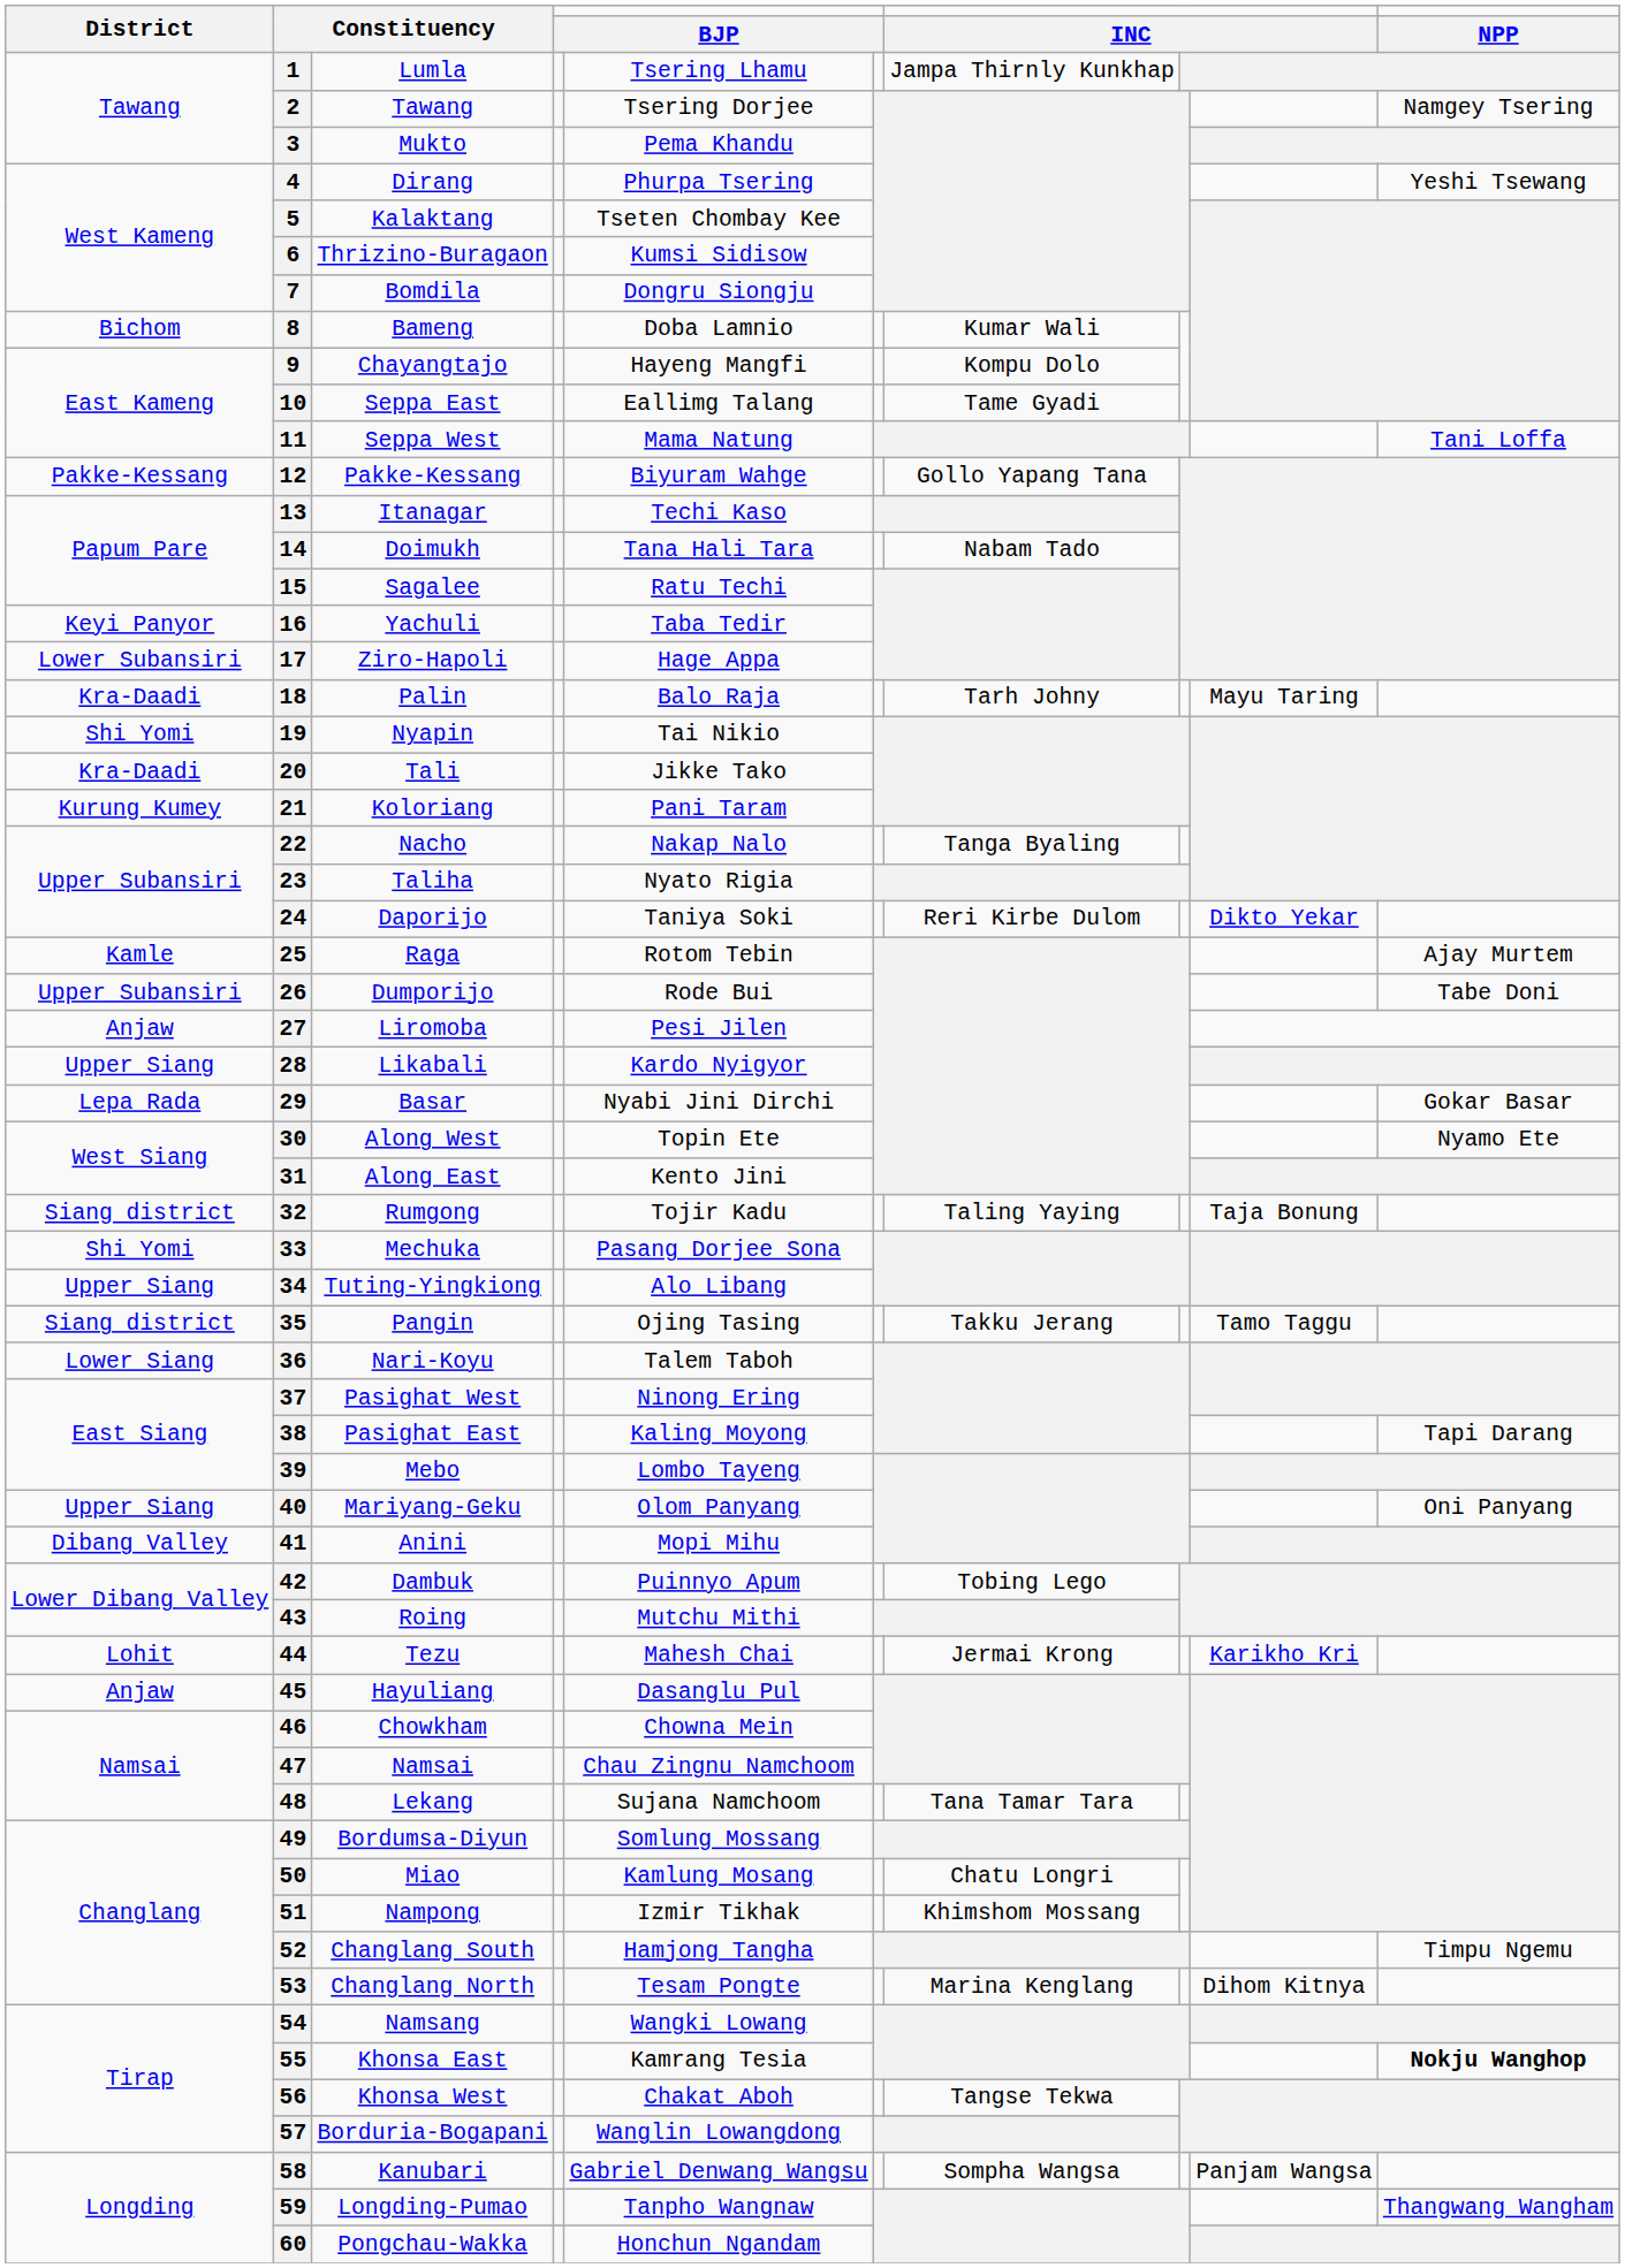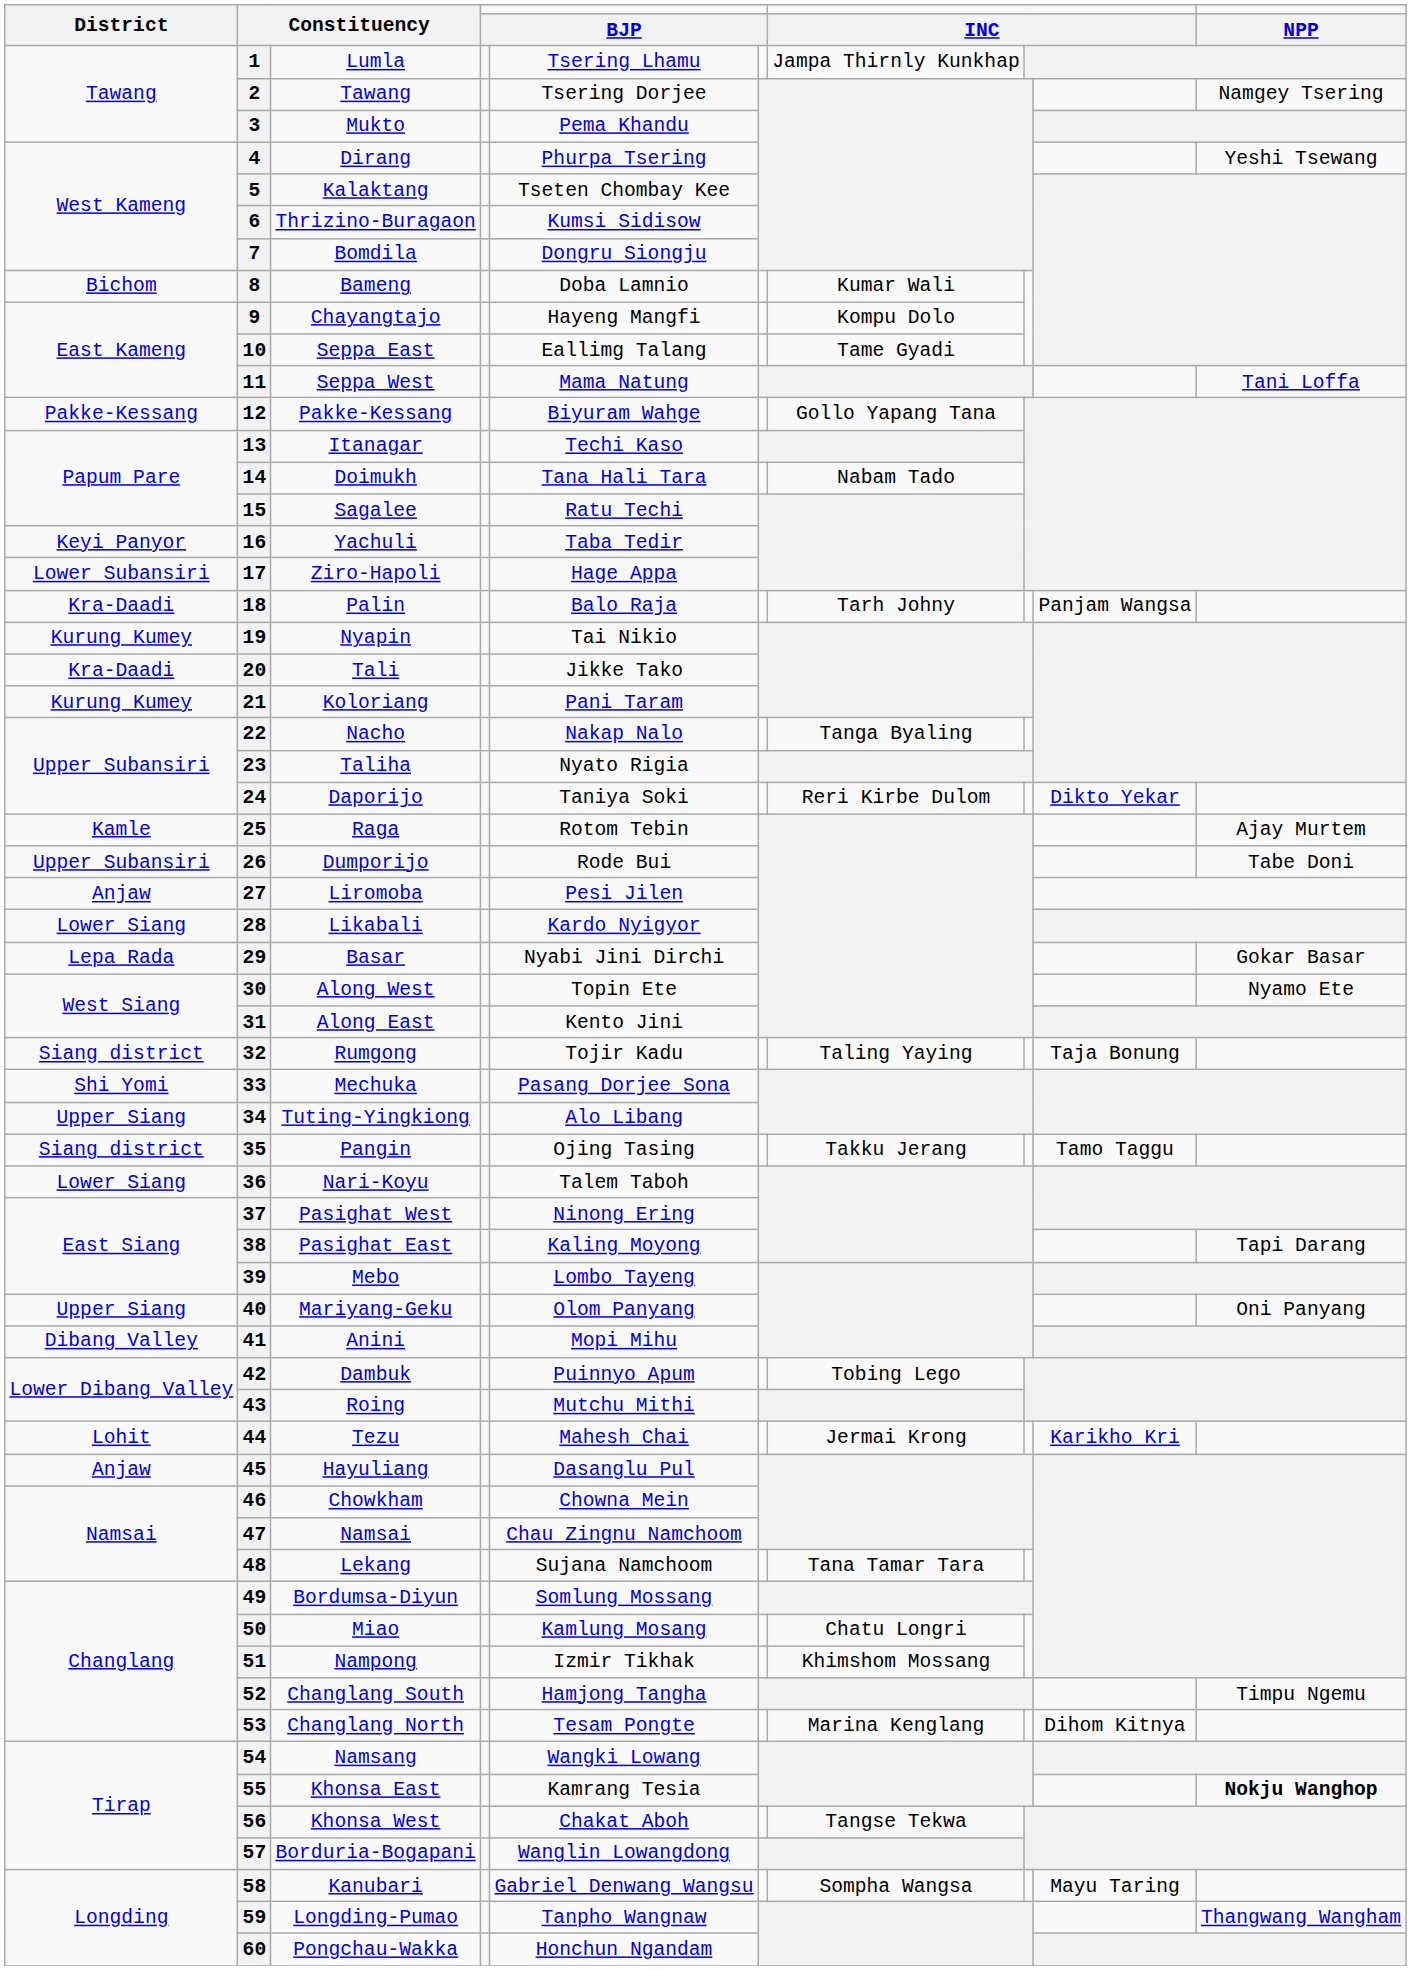 <table class="wikitable" style="text-align:center;">
 <tr>
 <th rowspan="2">District</th>
 <th colspan="2" rowspan="2">Constituency</th>
 <td colspan="3"></td>
 <td colspan="3" bgcolor=></td>
 <td colspan="3" bgcolor=></td>
 </tr>
 <tr>
 <th colspan="3"><a href='#'>BJP</a></th>
 <th colspan="3"><a href='#'>INC</a></th>
 <th colspan="3"><a href='#'>NPP</a></th>
 </tr>
 <tr>
 <td rowspan="3"><a href='#'>Tawang</a></td>
 <th>1</th>
 <td><a href='#'>Lumla</a></td>
 <td></td>
 <td><a href='#'>Tsering Lhamu</a></td>
 <td></td>
 <td>Jampa Thirnly Kunkhap</td>
 <th colspan="3"></th>
 </tr>
 <tr>
 <th>2</th>
 <td><a href='#'>Tawang</a></td>
 <td></td>
 <td>Tsering Dorjee</td>
 <th colspan="3" Rowspan=6></th>
 <td></td>
 <td>Namgey Tsering</td>
 </tr>
 <tr>
 <th>3</th>
 <td><a href='#'>Mukto</a></td>
 <td></td>
 <td><a href='#'>Pema Khandu</a></td>
 <th colspan="3"></th>
 </tr>
 <tr>
 <td rowspan="4"><a href='#'>West Kameng</a></td>
 <th>4</th>
 <td><a href='#'>Dirang</a></td>
 <td></td>
 <td><a href='#'>Phurpa Tsering</a></td>
 <td></td>
 <td>Yeshi Tsewang</td>
 </tr>
 <tr>
 <th>5</th>
 <td><a href='#'>Kalaktang</a></td>
 <td></td>
 <td>Tseten Chombay Kee</td>
 <th colspan="3" Rowspan=6></th>
 </tr>
 <tr>
 <th>6</th>
 <td><a href='#'>Thrizino-Buragaon</a></td>
 <td></td>
 <td><a href='#'>Kumsi Sidisow</a></td>
 </tr>
 <tr>
 <th>7</th>
 <td><a href='#'>Bomdila</a></td>
 <td></td>
 <td><a href='#'>Dongru Siongju</a></td>
 </tr>
 <tr>
 <td><a href='#'>Bichom</a></td>
 <th>8</th>
 <td><a href='#'>Bameng</a></td>
 <td></td>
 <td>Doba Lamnio</td>
 <td></td>
 <td>Kumar Wali</td>
 </tr>
 <tr>
 <td rowspan="3"><a href='#'>East Kameng</a></td>
 <th>9</th>
 <td><a href='#'>Chayangtajo</a></td>
 <td></td>
 <td>Hayeng Mangfi</td>
 <td></td>
 <td>Kompu Dolo</td>
 </tr>
 <tr>
 <th>10</th>
 <td><a href='#'>Seppa East</a></td>
 <td></td>
 <td>Eallimg Talang</td>
 <td></td>
 <td>Tame Gyadi</td>
 </tr>
 <tr>
 <th>11</th>
 <td><a href='#'>Seppa West</a></td>
 <td></td>
 <td><a href='#'>Mama Natung</a></td>
 <th colspan="3"></th>
 <td></td>
 <td><a href='#'>Tani Loffa</a></td>
 </tr>
 <tr>
 <td><a href='#'>Pakke-Kessang</a></td>
 <th>12</th>
 <td><a href='#'>Pakke-Kessang</a></td>
 <td></td>
 <td><a href='#'>Biyuram Wahge</a></td>
 <td></td>
 <td>Gollo Yapang Tana</td>
 <th colspan="3" rowspan="6"></th>
 </tr>
 <tr>
 <td rowspan="3"><a href='#'>Papum Pare</a></td>
 <th>13</th>
 <td><a href='#'>Itanagar</a></td>
 <td></td>
 <td><a href='#'>Techi Kaso</a></td>
 <th colspan="3"></th>
 </tr>
 <tr>
 <th>14</th>
 <td><a href='#'>Doimukh</a></td>
 <td></td>
 <td><a href='#'>Tana Hali Tara</a></td>
 <td></td>
 <td>Nabam Tado</td>
 </tr>
 <tr>
 <th>15</th>
 <td><a href='#'>Sagalee</a></td>
 <td></td>
 <td><a href='#'>Ratu Techi</a></td>
 <th colspan="3" rowspan="3"></th>
 </tr>
 <tr>
 <td><a href='#'>Keyi Panyor</a></td>
 <th>16</th>
 <td><a href='#'>Yachuli</a></td>
 <td></td>
 <td><a href='#'>Taba Tedir</a></td>
 </tr>
 <tr>
 <td><a href='#'>Lower Subansiri</a></td>
 <th>17</th>
 <td><a href='#'>Ziro-Hapoli</a></td>
 <td></td>
 <td><a href='#'>Hage Appa</a></td>
 </tr>
 <tr>
 <td><a href='#'>Kra-Daadi</a></td>
 <th>18</th>
 <td><a href='#'>Palin</a></td>
 <td></td>
 <td><a href='#'>Balo Raja</a></td>
 <td></td>
 <td>Tarh Johny</td>
 <td></td>
-<td>Mayu Taring</td>
+<td>Panjam Wangsa</td>
 </tr>
 <tr>
-<td><a href='#'>Shi Yomi</a></td>
+<td><a href='#'>Kurung Kumey</a></td>
 <th>19</th>
 <td><a href='#'>Nyapin</a></td>
 <td></td>
 <td>Tai Nikio</td>
 <th colspan="3" Rowspan=3></th>
 <th colspan="3" Rowspan=5></th>
 </tr>
 <tr>
 <td><a href='#'>Kra-Daadi</a></td>
 <th>20</th>
 <td><a href='#'>Tali</a></td>
 <td></td>
 <td>Jikke Tako</td>
 </tr>
 <tr>
 <td><a href='#'>Kurung Kumey</a></td>
 <th>21</th>
 <td><a href='#'>Koloriang</a></td>
 <td></td>
 <td><a href='#'>Pani Taram</a></td>
 </tr>
 <tr>
 <td rowspan="3"><a href='#'>Upper Subansiri</a></td>
 <th>22</th>
 <td><a href='#'>Nacho</a></td>
 <td></td>
 <td><a href='#'>Nakap Nalo</a></td>
 <td></td>
 <td>Tanga Byaling</td>
 </tr>
 <tr>
 <th>23</th>
 <td><a href='#'>Taliha</a></td>
 <td></td>
 <td>Nyato Rigia</td>
 <th colspan="3"></th>
 </tr>
 <tr>
 <th>24</th>
 <td><a href='#'>Daporijo</a></td>
 <td></td>
 <td>Taniya Soki</td>
 <td></td>
 <td>Reri Kirbe Dulom</td>
 <td></td>
 <td><a href='#'>Dikto Yekar</a></td>
 </tr>
 <tr>
 <td><a href='#'>Kamle</a></td>
 <th>25</th>
 <td><a href='#'>Raga</a></td>
 <td></td>
 <td>Rotom Tebin</td>
 <th colspan="3" rowspan="7"></th>
 <td></td>
 <td>Ajay Murtem</td>
 </tr>
 <tr>
 <td><a href='#'>Upper Subansiri</a></td>
 <th>26</th>
 <td><a href='#'>Dumporijo</a></td>
 <td></td>
 <td>Rode Bui</td>
 <td></td>
 <td>Tabe Doni</td>
 </tr>
 <tr>
 <td><a href='#'>Anjaw</a></td>
 <th>27</th>
 <td><a href='#'>Liromoba</a></td>
 <td></td>
 <td><a href='#'>Pesi Jilen</a></td>
 </tr>
 <tr>
-<td><a href='#'>Upper Siang</a></td>
+<td><a href='#'>Lower Siang</a></td>
 <th>28</th>
 <td><a href='#'>Likabali</a></td>
 <td></td>
 <td><a href='#'>Kardo Nyigyor</a></td>
 <th colspan="3"></th>
 </tr>
 <tr>
 <td><a href='#'>Lepa Rada</a></td>
 <th>29</th>
 <td><a href='#'>Basar</a></td>
 <td></td>
 <td>Nyabi Jini Dirchi</td>
 <td></td>
 <td>Gokar Basar</td>
 </tr>
 <tr>
 <td rowspan="2"><a href='#'>West Siang</a></td>
 <th>30</th>
 <td><a href='#'>Along West</a></td>
 <td></td>
 <td>Topin Ete</td>
 <td></td>
 <td>Nyamo Ete</td>
 </tr>
 <tr>
 <th>31</th>
 <td><a href='#'>Along East</a></td>
 <td></td>
 <td>Kento Jini</td>
 <th colspan="3"></th>
 </tr>
 <tr>
 <td><a href='#'>Siang district</a></td>
 <th>32</th>
 <td><a href='#'>Rumgong</a></td>
 <td></td>
 <td>Tojir Kadu</td>
 <td></td>
 <td>Taling Yaying</td>
 <td></td>
 <td>Taja Bonung</td>
 </tr>
 <tr>
 <td><a href='#'>Shi Yomi</a></td>
 <th>33</th>
 <td><a href='#'>Mechuka</a></td>
 <td></td>
 <td><a href='#'>Pasang Dorjee Sona</a></td>
 <th colspan="3" rowspan="2"></th>
 <th colspan="3" rowspan="2"></th>
 </tr>
 <tr>
 <td><a href='#'>Upper Siang</a></td>
 <th>34</th>
 <td><a href='#'>Tuting-Yingkiong</a></td>
 <td></td>
 <td><a href='#'>Alo Libang</a></td>
 </tr>
 <tr>
 <td><a href='#'>Siang district</a></td>
 <th>35</th>
 <td><a href='#'>Pangin</a></td>
 <td></td>
 <td>Ojing Tasing</td>
 <td></td>
 <td>Takku Jerang</td>
 <td></td>
 <td>Tamo Taggu</td>
 </tr>
 <tr>
 <td><a href='#'>Lower Siang</a></td>
 <th>36</th>
 <td><a href='#'>Nari-Koyu</a></td>
 <td></td>
 <td>Talem Taboh</td>
 <th colspan="3" rowspan="3"></th>
 <th colspan="3" rowspan="2"></th>
 </tr>
 <tr>
 <td rowspan="3"><a href='#'>East Siang</a></td>
 <th>37</th>
 <td><a href='#'>Pasighat West</a></td>
 <td></td>
 <td><a href='#'>Ninong Ering</a></td>
 </tr>
 <tr>
 <th>38</th>
 <td><a href='#'>Pasighat East</a></td>
 <td></td>
 <td><a href='#'>Kaling Moyong</a></td>
 <td></td>
 <td>Tapi Darang</td>
 </tr>
 <tr>
 <th>39</th>
 <td><a href='#'>Mebo</a></td>
 <td></td>
 <td><a href='#'>Lombo Tayeng</a></td>
 <th colspan="3" rowspan="3"></th>
 <th colspan="3"></th>
 </tr>
 <tr>
 <td><a href='#'>Upper Siang</a></td>
 <th>40</th>
 <td><a href='#'>Mariyang-Geku</a></td>
 <td></td>
 <td><a href='#'>Olom Panyang</a></td>
 <td></td>
 <td>Oni Panyang</td>
 </tr>
 <tr>
 <td><a href='#'>Dibang Valley</a></td>
 <th>41</th>
 <td><a href='#'>Anini</a></td>
 <td></td>
 <td><a href='#'>Mopi Mihu</a></td>
 <th colspan="3"></th>
 </tr>
 <tr>
 <td rowspan="2"><a href='#'>Lower Dibang Valley</a></td>
 <th>42</th>
 <td><a href='#'>Dambuk</a></td>
 <td></td>
 <td><a href='#'>Puinnyo Apum</a></td>
 <td></td>
 <td>Tobing Lego</td>
 <th colspan="3" rowspan="2"></th>
 </tr>
 <tr>
 <th>43</th>
 <td><a href='#'>Roing</a></td>
 <td></td>
 <td><a href='#'>Mutchu Mithi</a></td>
 <th colspan="3"></th>
 </tr>
 <tr>
 <td><a href='#'>Lohit</a></td>
 <th>44</th>
 <td><a href='#'>Tezu</a></td>
 <td></td>
 <td><a href='#'>Mahesh Chai</a></td>
 <td></td>
 <td>Jermai Krong</td>
 <td></td>
 <td><a href='#'>Karikho Kri</a></td>
 </tr>
 <tr>
 <td><a href='#'>Anjaw</a></td>
 <th>45</th>
 <td><a href='#'>Hayuliang</a></td>
 <td></td>
 <td><a href='#'>Dasanglu Pul</a></td>
 <th colspan="3" rowspan="3"></th>
 <th colspan="3" rowspan="7"></th>
 </tr>
 <tr>
 <td rowspan="3"><a href='#'>Namsai</a></td>
 <th>46</th>
 <td><a href='#'>Chowkham</a></td>
 <td></td>
 <td><a href='#'>Chowna Mein</a></td>
 </tr>
 <tr>
 <th>47</th>
 <td><a href='#'>Namsai</a></td>
 <td></td>
 <td><a href='#'>Chau Zingnu Namchoom</a></td>
 </tr>
 <tr>
 <th>48</th>
 <td><a href='#'>Lekang</a></td>
 <td></td>
 <td>Sujana Namchoom</td>
 <td></td>
 <td>Tana Tamar Tara</td>
 </tr>
 <tr>
 <td rowspan="5"><a href='#'>Changlang</a></td>
 <th>49</th>
 <td><a href='#'>Bordumsa-Diyun</a></td>
 <td></td>
 <td><a href='#'>Somlung Mossang</a></td>
 <th colspan="3"></th>
 </tr>
 <tr>
 <th>50</th>
 <td><a href='#'>Miao</a></td>
 <td></td>
 <td><a href='#'>Kamlung Mosang</a></td>
 <td></td>
 <td>Chatu Longri</td>
 </tr>
 <tr>
 <th>51</th>
 <td><a href='#'>Nampong</a></td>
 <td></td>
 <td>Izmir Tikhak</td>
 <td></td>
 <td>Khimshom Mossang</td>
 </tr>
 <tr>
 <th>52</th>
 <td><a href='#'>Changlang South</a></td>
 <td></td>
 <td><a href='#'>Hamjong Tangha</a></td>
 <th colspan="3"></th>
 <td></td>
 <td>Timpu Ngemu</td>
 </tr>
 <tr>
 <th>53</th>
 <td><a href='#'>Changlang North</a></td>
 <td></td>
 <td><a href='#'>Tesam Pongte</a></td>
 <td></td>
 <td>Marina Kenglang</td>
 <td></td>
 <td>Dihom Kitnya</td>
 </tr>
 <tr>
 <td rowspan="4"><a href='#'>Tirap</a></td>
 <th>54</th>
 <td><a href='#'>Namsang</a></td>
 <td></td>
 <td><a href='#'>Wangki Lowang</a></td>
 <th colspan="3" rowspan="2"></th>
 <th colspan="3"></th>
 </tr>
 <tr>
 <th>55</th>
 <td><a href='#'>Khonsa East</a></td>
 <td></td>
 <td>Kamrang Tesia</td>
 <td></td>
 <td><strong>Nokju Wanghop</strong></td>
 </tr>
 <tr>
 <th>56</th>
 <td><a href='#'>Khonsa West</a></td>
 <td></td>
 <td><a href='#'>Chakat Aboh</a></td>
 <td></td>
 <td>Tangse Tekwa</td>
 <th colspan="3" rowspan="2"></th>
 </tr>
 <tr>
 <th>57</th>
 <td><a href='#'>Borduria-Bogapani</a></td>
 <td></td>
 <td><a href='#'>Wanglin Lowangdong</a></td>
 <th colspan="3"></th>
 </tr>
 <tr>
 <td rowspan="3"><a href='#'>Longding</a></td>
 <th>58</th>
 <td><a href='#'>Kanubari</a></td>
 <td></td>
 <td><a href='#'>Gabriel Denwang Wangsu</a></td>
 <td></td>
 <td>Sompha Wangsa</td>
 <td></td>
-<td>Panjam Wangsa</td>
+<td>Mayu Taring</td>
 </tr>
 <tr>
 <th>59</th>
 <td><a href='#'>Longding-Pumao</a></td>
 <td></td>
 <td><a href='#'>Tanpho Wangnaw</a></td>
 <th colspan="3" rowspan="2"></th>
 <td></td>
 <td><a href='#'>Thangwang Wangham</a></td>
 </tr>
 <tr>
 <th>60</th>
 <td><a href='#'>Pongchau-Wakka</a></td>
 <td></td>
 <td><a href='#'>Honchun Ngandam</a></td>
 <th colspan="3"></th>
 </tr>
 <tr>
 </tr>
 </table>
